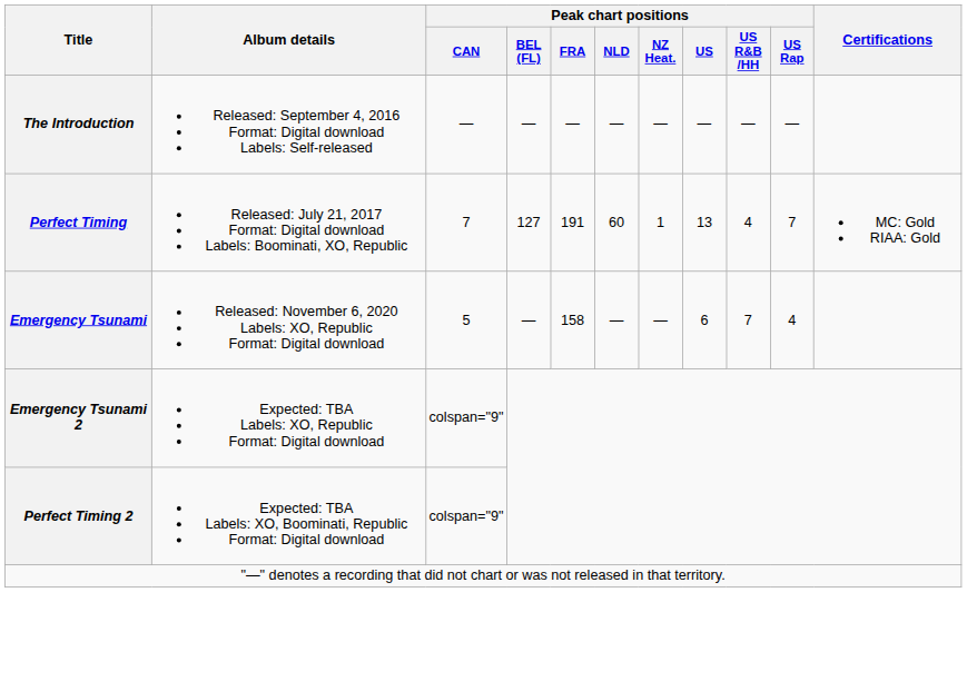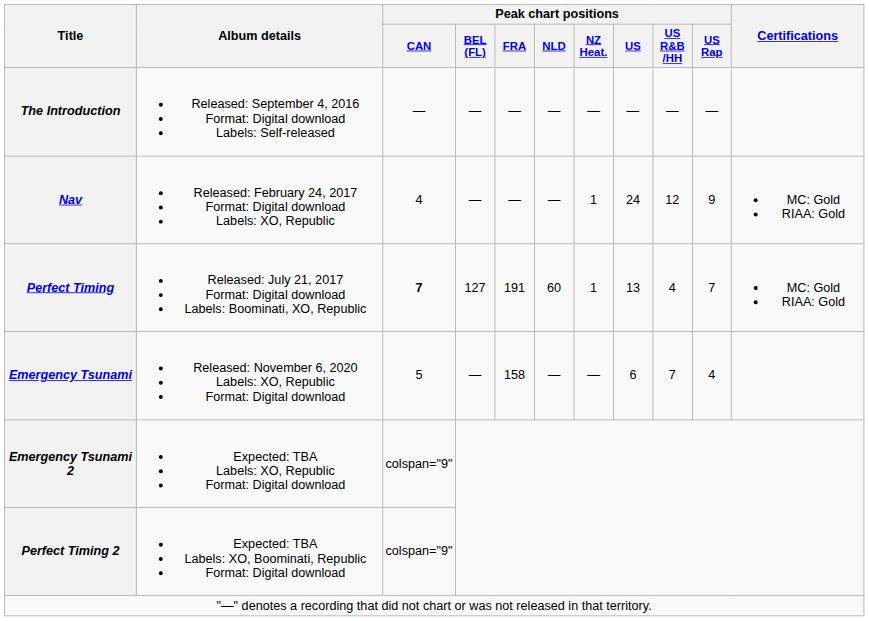 <table class="wikitable plainrowheaders" style="text-align:center;">
 <tr>
 <th scope="col" rowspan="2" style="width:10em;">Title</th>
 <th scope="col" rowspan="2" style="width:19em;">Album details</th>
 <th scope="col" colspan="8">Peak chart positions</th>
 <th scope="col" rowspan="2" style="width:10em;"><a href='#'>Certifications</a></th>
 </tr>
 <tr>
 <th scope="col" style="width:3em;font-size:90%;"><a href='#'>CAN</a><br></th>
 <th scope="col" style="width:3em;font-size:90%;"><a href='#'>BEL<br>(FL)</a><br></th>
 <th scope="col" style="width:3em;font-size:90%;"><a href='#'>FRA</a><br></th>
 <th scope="col" style="width:3em;font-size:90%;"><a href='#'>NLD</a><br></th>
 <th scope="col" style="width:3em;font-size:90%;"><a href='#'>NZ<br>Heat.</a><br></th>
 <th scope="col" style="width:3em;font-size:90%;"><a href='#'>US</a><br></th>
 <th scope="col" style="width:3em;font-size:90%;"><a href='#'>US<br>R&B<br>/HH</a><br></th>
 <th scope="col" style="width:3em;font-size:90%;"><a href='#'>US<br>Rap</a><br></th>
 </tr>
 <tr>
 <th scope="row"><em>The Introduction</em></th>
 <td><br><ul><li>Released: September 4, 2016</li><li>Format: Digital download</li><li>Labels: Self-released</li></ul></td>
 <td>—</td>
 <td>—</td>
 <td>—</td>
 <td>—</td>
 <td>—</td>
 <td>—</td>
 <td>—</td>
 <td>—</td>
 <td></td>
 </tr>
 <tr>
+<th scope="row"><em><a href='#'>Nav</a></em></th>
+<td><br><ul><li>Released: February 24, 2017</li><li>Format: Digital download</li><li>Labels: XO, Republic</li></ul></td>
+<td>4</td>
+<td>—</td>
+<td>—</td>
+<td>—</td>
+<td>1</td>
+<td>24</td>
+<td>12</td>
+<td>9</td>
+<td><br><ul><li>MC: Gold</li><li>RIAA: Gold</li></ul></td>
+</tr>
+<tr>
 <th scope="row"><em><a href='#'>Perfect Timing</a></em><br></th>
 <td><br><ul><li>Released: July 21, 2017</li><li>Format: Digital download</li><li>Labels: Boominati, XO, Republic</li></ul></td>
-<td>7</td>
+<td><strong>7</strong></td>
 <td>127</td>
 <td>191</td>
 <td>60</td>
 <td>1</td>
 <td>13</td>
 <td>4</td>
 <td>7</td>
 <td><br><ul><li>MC: Gold</li><li>RIAA: Gold</li></ul></td>
 </tr>
 <tr>
 <th scope="row"><em><a href='#'>Emergency Tsunami</a></em></th>
 <td><br><ul><li>Released: November 6, 2020</li><li>Labels: XO, Republic</li><li>Format: Digital download</li></ul></td>
 <td>5</td>
 <td>—</td>
 <td>158</td>
 <td>—</td>
 <td>—</td>
 <td>6</td>
 <td>7</td>
 <td>4</td>
 <td></td>
 </tr>
 <tr>
 <th scope="row"><em>Emergency Tsunami 2</em></th>
 <td><br><ul><li>Expected: TBA</li><li>Labels: XO, Republic</li><li>Format: Digital download</li></ul></td>
 <td>colspan="9" </td>
 </tr>
 <tr>
 <th scope="row"><em>Perfect Timing 2</em><br></th>
 <td><br><ul><li>Expected: TBA</li><li>Labels: XO, Boominati, Republic</li><li>Format: Digital download</li></ul></td>
 <td>colspan="9" </td>
 </tr>
 <tr>
 <td colspan="11">"—" denotes a recording that did not chart or was not released in that territory.</td>
 </tr>
 </table>
